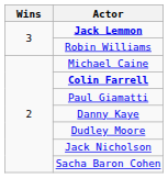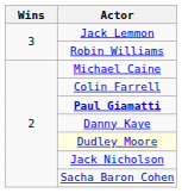 <table class="wikitable" style="text-align:center;">
 <tr>
 <th scope="col" width="55">Wins</th>
 <th scope="col" align="center">Actor</th>
 </tr>
 <tr>
 <td rowspan=2 style="text-align:center;">3</td>
-<td><strong><a href='#'>Jack Lemmon</a></strong></td>
+<td><a href='#'>Jack Lemmon</a></td>
 </tr>
 <tr>
 <td><a href='#'>Robin Williams</a></td>
 </tr>
 <tr>
 <td rowspan=7 style="text-align:center;">2</td>
 <td><a href='#'>Michael Caine</a></td>
 </tr>
 <tr>
-<td><strong><a href='#'>Colin Farrell</a></strong></td>
+<td><a href='#'>Colin Farrell</a></td>
 </tr>
 <tr>
-<td><a href='#'>Paul Giamatti</a></td>
+<td><strong><a href='#'>Paul Giamatti</a></strong></td>
 </tr>
 <tr>
 <td><a href='#'>Danny Kaye</a></td>
 </tr>
 <tr>
-<td><a href='#'>Dudley Moore</a></td>
+<td style="background: lightyellow;"><a href='#'>Dudley Moore</a></td>
 </tr>
 <tr>
 <td><a href='#'>Jack Nicholson</a></td>
 </tr>
 <tr>
 <td><a href='#'>Sacha Baron Cohen</a></td>
 </tr>
 </table>
